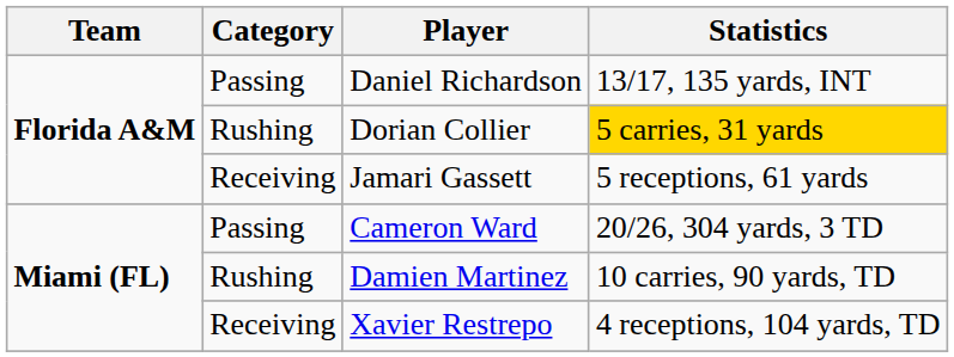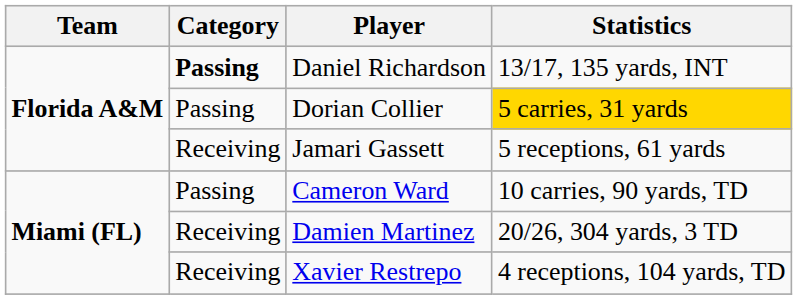 <table class="wikitable" style="float: right;">
 <tr>
 <th>Team</th>
 <th>Category</th>
 <th>Player</th>
 <th>Statistics</th>
 </tr>
 <tr>
 <td rowspan=3><strong>Florida A&M</strong></td>
-<td>Passing</td>
+<td><strong>Passing</strong></td>
 <td>Daniel Richardson</td>
 <td>13/17, 135 yards, INT</td>
 </tr>
 <tr>
-<td>Rushing</td>
+<td>Passing</td>
 <td>Dorian Collier</td>
 <td style="background: gold;">5 carries, 31 yards</td>
 </tr>
 <tr>
 <td>Receiving</td>
 <td>Jamari Gassett</td>
 <td>5 receptions, 61 yards</td>
 </tr>
 <tr>
 <td rowspan=3><strong>Miami (FL)</strong></td>
 <td>Passing</td>
 <td><a href='#'>Cameron Ward</a></td>
-<td>20/26, 304 yards, 3 TD</td>
+<td>10 carries, 90 yards, TD</td>
 </tr>
 <tr>
-<td>Rushing</td>
+<td>Receiving</td>
 <td><a href='#'>Damien Martinez</a></td>
-<td>10 carries, 90 yards, TD</td>
+<td>20/26, 304 yards, 3 TD</td>
 </tr>
 <tr>
 <td>Receiving</td>
 <td><a href='#'>Xavier Restrepo</a></td>
 <td>4 receptions, 104 yards, TD</td>
 </tr>
 </table>
